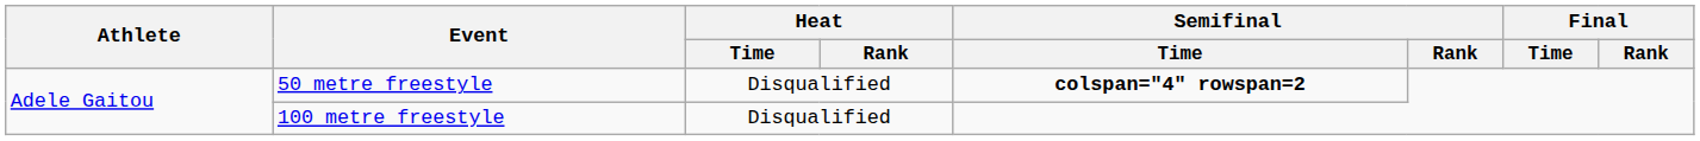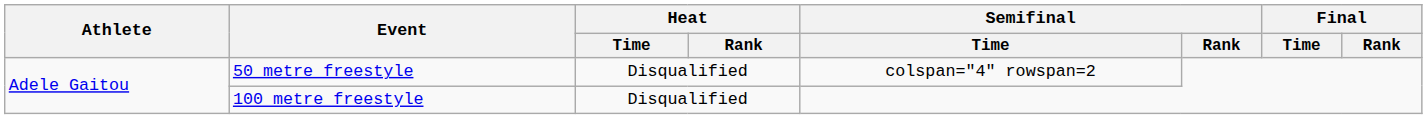 <table class="wikitable" style="text-align:center; font-size:90%; width:50%;">
 <tr>
 <th rowspan="2">Athlete</th>
 <th rowspan="2">Event</th>
 <th colspan="2">Heat</th>
 <th colspan="2">Semifinal</th>
 <th colspan="2">Final</th>
 </tr>
 <tr style="font-size:95%">
 <th>Time</th>
 <th>Rank</th>
 <th>Time</th>
 <th>Rank</th>
 <th>Time</th>
 <th>Rank</th>
 </tr>
 <tr>
 <td align=left rowspan=2><a href='#'>Adele Gaitou</a></td>
 <td align=left><a href='#'>50 metre freestyle</a></td>
 <td colspan="2">Disqualified</td>
-<td><strong>colspan="4" rowspan=2 </strong></td>
+<td>colspan="4" rowspan=2 </td>
 </tr>
 <tr>
 <td align=left><a href='#'>100 metre freestyle</a></td>
 <td colspan="2">Disqualified</td>
 </tr>
 </table>
